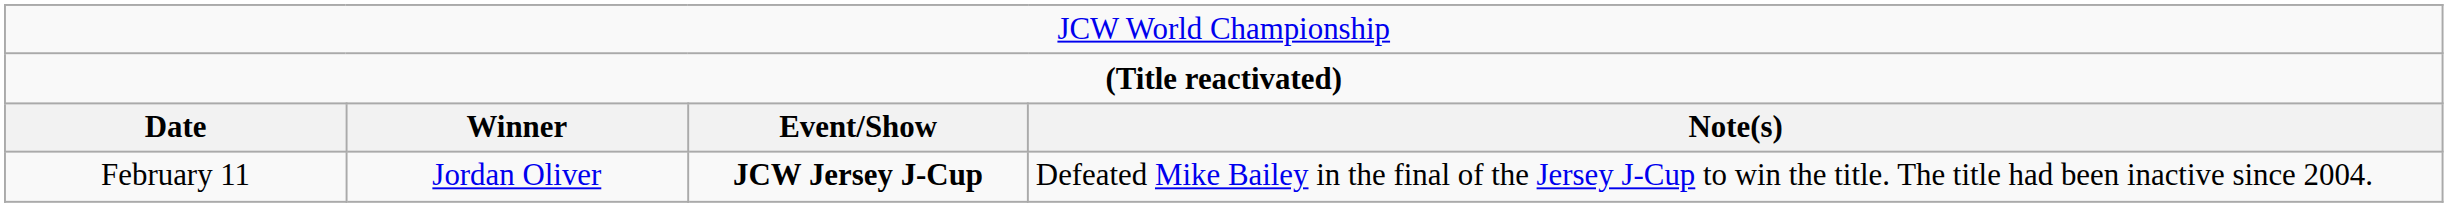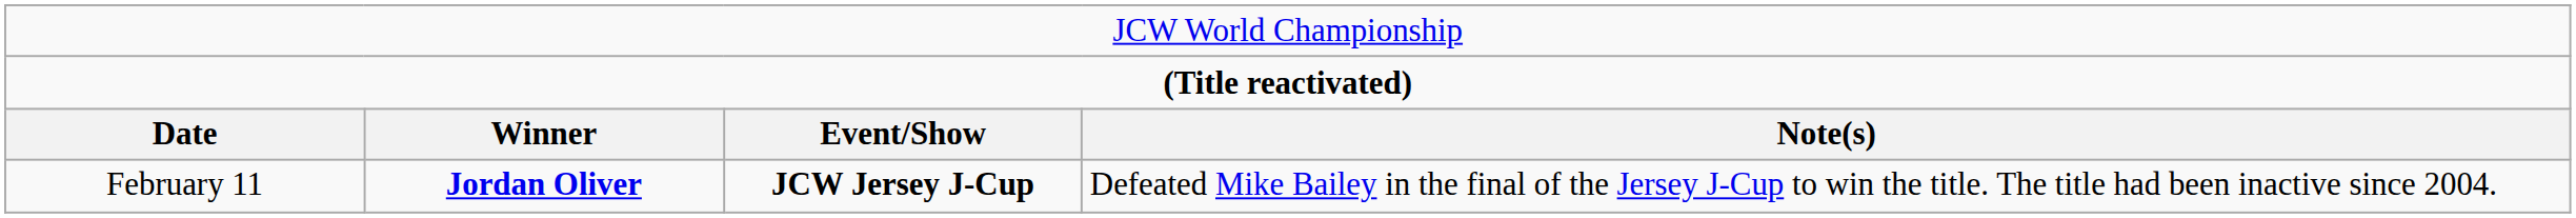 <table class="wikitable" style="text-align:center; width:100%;">
 <tr>
 <td colspan="5" style="text-align: center;"><a href='#'>JCW World Championship</a></td>
 </tr>
 <tr>
 <td colspan="5" style="text-align: center;"><strong>(Title reactivated)</strong></td>
 </tr>
 <tr>
 <th width=14%>Date</th>
 <th width=14%>Winner</th>
 <th width=14%>Event/Show</th>
 <th width=58%>Note(s)</th>
 </tr>
 <tr>
 <td>February 11</td>
-<td><a href='#'>Jordan Oliver</a></td>
+<td><strong><a href='#'>Jordan Oliver</a></strong></td>
 <td><strong>JCW Jersey J-Cup</strong></td>
 <td align=left>Defeated <a href='#'>Mike Bailey</a> in the final of the <a href='#'>Jersey J-Cup</a> to win the title. The title had been inactive since 2004.</td>
 </tr>
 </table>
